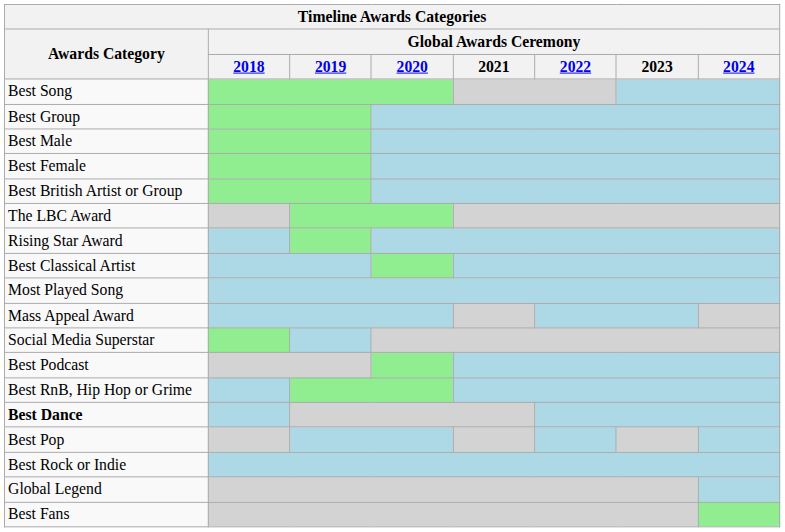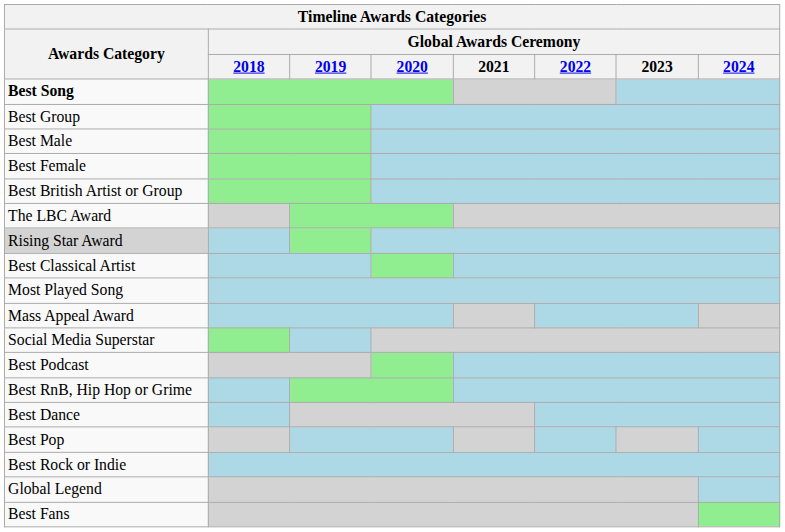 <table class="wikitable plainrowheaders collapsible mw-collapsible" style="width:50%;">
 <tr>
 <th colspan="8">Timeline Awards Categories</th>
 </tr>
 <tr>
 <th rowspan="2" style="width:11%;">Awards Category</th>
 <th colspan="7">Global Awards Ceremony</th>
 </tr>
 <tr>
 <th style="width:4%;"><a href='#'>2018</a></th>
 <th style="width:4%;"><a href='#'>2019</a></th>
 <th style="width:4%;"><a href='#'>2020</a></th>
 <th style="width:4%;">2021</th>
 <th style="width:4%;"><a href='#'>2022</a></th>
 <th style="width:4%;">2023</th>
 <th style="width:4%;"><a href='#'>2024</a></th>
 </tr>
 <tr>
-<td>Best Song</td>
+<td><strong>Best Song</strong></td>
 <td colspan="3" style="background: lightgreen;"></td>
 <td colspan="2"  style="background: lightgrey;"></td>
 <td colspan="2" style="background: lightblue;"></td>
 </tr>
 <tr>
 <td>Best Group</td>
 <td colspan="2" style="background: lightgreen;"></td>
 <td colspan="5"  style="background: lightblue;"></td>
 </tr>
 <tr>
 <td>Best Male</td>
 <td colspan="2" style="background: lightgreen;"></td>
 <td colspan="5"  style="background: lightblue;"></td>
 </tr>
 <tr>
 <td>Best Female</td>
 <td colspan="2" style="background: lightgreen;"></td>
 <td colspan="5"  style="background: lightblue;"></td>
 </tr>
 <tr>
 <td>Best British Artist or Group</td>
 <td colspan="2" style="background: lightgreen;"></td>
 <td colspan="5"  style="background: lightblue;"></td>
 </tr>
 <tr>
 <td>The LBC Award</td>
 <td colspan="1"  style="background: lightgrey;"></td>
 <td colspan="2" style="background: lightgreen;"></td>
 <td colspan="4"  style="background: lightgrey;"></td>
 </tr>
 <tr>
-<td>Rising Star Award</td>
+<td style="background: lightgrey;">Rising Star Award</td>
 <td colspan="1"  style="background: lightblue;"></td>
 <td colspan="1"  style="background: lightgreen;"></td>
 <td colspan="5"  style="background: lightblue;"></td>
 </tr>
 <tr>
 <td>Best Classical Artist</td>
 <td colspan="2" style="background: lightblue;"></td>
 <td colspan="1"  style="background: lightgreen;"></td>
 <td colspan="4"  style="background: lightblue;"></td>
 </tr>
 <tr>
 <td>Most Played Song</td>
 <td colspan="7"  style="background: lightblue;"></td>
 </tr>
 <tr>
 <td>Mass Appeal Award</td>
 <td colspan="3" style="background: lightblue;"></td>
 <td colspan="1"  style="background: lightgrey;"></td>
 <td colspan="2"  style="background: lightblue;"></td>
 <td colspan="1"  style="background: lightgrey;"></td>
 </tr>
 <tr>
 <td>Social Media Superstar</td>
 <td colspan="1"  style="background: lightgreen;"></td>
 <td colspan="1"  style="background: lightblue;"></td>
 <td colspan="5"  style="background: lightgrey;"></td>
 </tr>
 <tr>
 <td>Best Podcast</td>
 <td colspan="2"  style="background: lightgrey;"></td>
 <td colspan="1"  style="background: lightgreen;"></td>
 <td colspan="4"  style="background: lightblue;"></td>
 </tr>
 <tr>
 <td>Best RnB, Hip Hop or Grime</td>
 <td colspan="1"  style="background: lightblue;"></td>
 <td colspan="2"  style="background: lightgreen;"></td>
 <td colspan="4"  style="background: lightblue;"></td>
 </tr>
 <tr>
-<td><strong>Best Dance</strong></td>
+<td>Best Dance</td>
 <td colspan="1"  style="background: lightblue;"></td>
 <td colspan="3"  style="background: lightgrey;"></td>
 <td colspan="3"  style="background: lightblue;"></td>
 </tr>
 <tr>
 <td>Best Pop</td>
 <td colspan="1"  style="background: lightgrey;"></td>
 <td colspan="2"  style="background: lightblue;"></td>
 <td colspan="1"  style="background: lightgrey;"></td>
 <td colspan="1"  style="background: lightblue;"></td>
 <td colspan="1"  style="background: lightgrey;"></td>
 <td colspan="1"  style="background: lightblue;"></td>
 </tr>
 <tr>
 <td>Best Rock or Indie</td>
 <td colspan="7"  style="background: lightblue;"></td>
 </tr>
 <tr>
 <td>Global Legend</td>
 <td colspan="6"  style="background: lightgrey;"></td>
 <td colspan="1"  style="background: lightblue;"></td>
 </tr>
 <tr>
 <td>Best Fans</td>
 <td colspan="6"  style="background: lightgrey;"></td>
 <td colspan="1"  style="background: lightgreen;"></td>
 </tr>
 </table>
